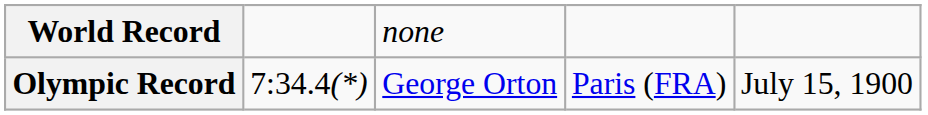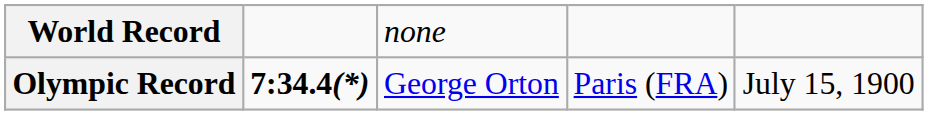 <table class="wikitable" style="font-size:95%;">
 <tr>
 <th>World Record</th>
 <td></td>
 <td><em>none</em></td>
 <td></td>
 <td></td>
 </tr>
 <tr>
 <th>Olympic Record</th>
-<td>7:34.4<em>(*)</em></td>
+<td><strong>7:34.4<em>(*)</em></strong></td>
 <td> <a href='#'>George Orton</a></td>
 <td><a href='#'>Paris</a> (<a href='#'>FRA</a>)</td>
 <td>July 15, 1900</td>
 </tr>
 </table>
